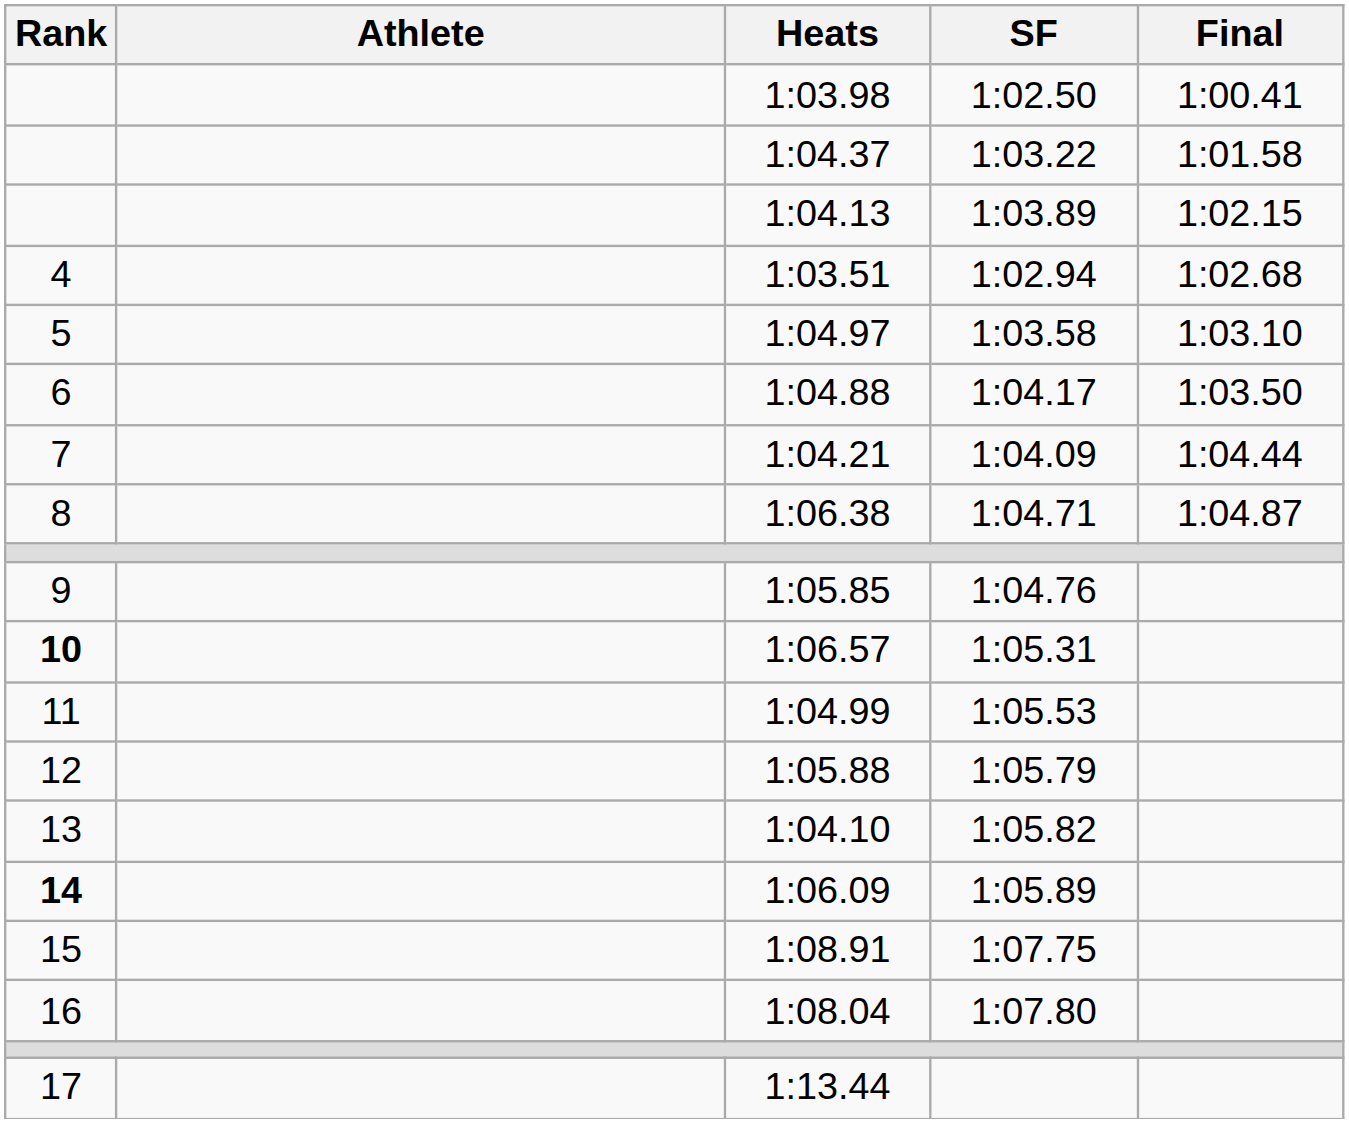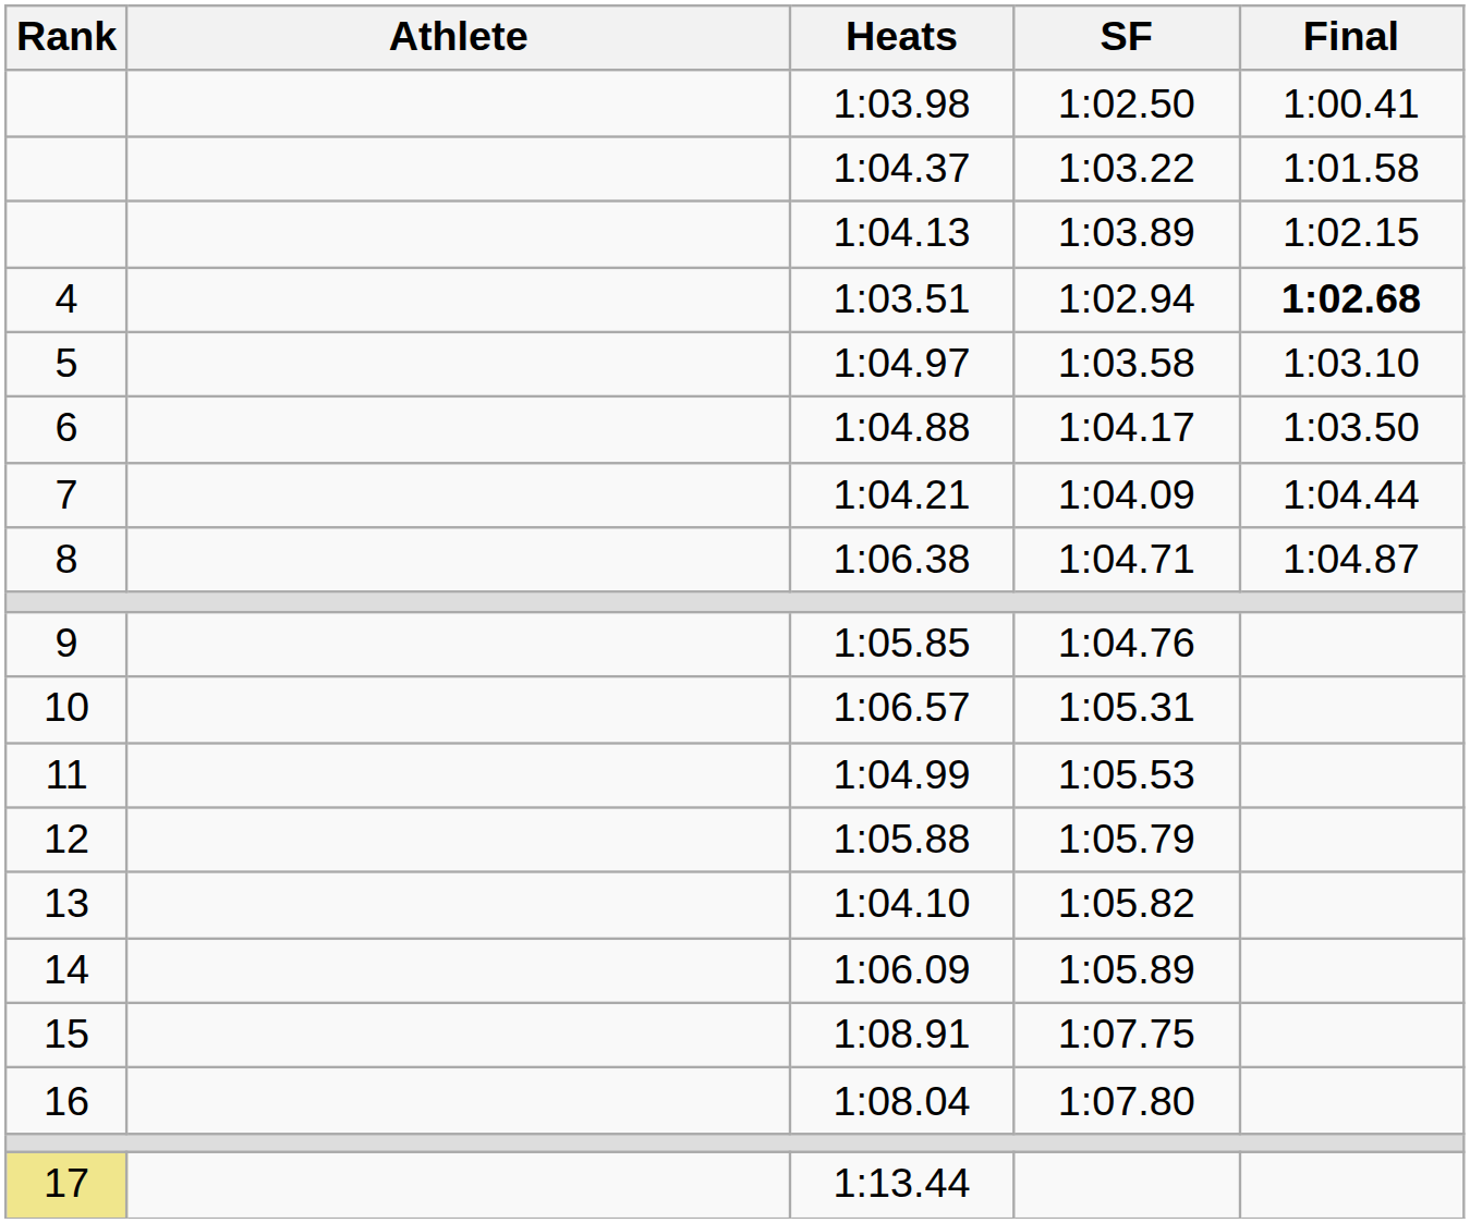 <table class=wikitable style="text-align:center">
 <tr>
 <th width=40>Rank</th>
 <th width=250>Athlete</th>
 <th width=80>Heats</th>
 <th width=80>SF</th>
 <th width=80>Final</th>
 </tr>
 <tr>
 <td></td>
 <td align=left></td>
 <td>1:03.98</td>
 <td>1:02.50</td>
 <td>1:00.41</td>
 </tr>
 <tr>
 <td></td>
 <td align=left></td>
 <td>1:04.37</td>
 <td>1:03.22</td>
 <td>1:01.58</td>
 </tr>
 <tr>
 <td></td>
 <td align=left></td>
 <td>1:04.13</td>
 <td>1:03.89</td>
 <td>1:02.15</td>
 </tr>
 <tr>
 <td>4</td>
 <td align=left></td>
 <td>1:03.51</td>
 <td>1:02.94</td>
-<td>1:02.68</td>
+<td><strong>1:02.68</strong></td>
 </tr>
 <tr>
 <td>5</td>
 <td align=left></td>
 <td>1:04.97</td>
 <td>1:03.58</td>
 <td>1:03.10</td>
 </tr>
 <tr>
 <td>6</td>
 <td align=left></td>
 <td>1:04.88</td>
 <td>1:04.17</td>
 <td>1:03.50</td>
 </tr>
 <tr>
 <td>7</td>
 <td align=left></td>
 <td>1:04.21</td>
 <td>1:04.09</td>
 <td>1:04.44</td>
 </tr>
 <tr>
 <td>8</td>
 <td align=left></td>
 <td>1:06.38</td>
 <td>1:04.71</td>
 <td>1:04.87</td>
 </tr>
 <tr bgcolor=#DDDDDD>
 <td colspan=5></td>
 </tr>
 <tr>
 <td>9</td>
 <td align=left></td>
 <td>1:05.85</td>
 <td>1:04.76</td>
 <td></td>
 </tr>
 <tr>
-<td><strong>10</strong></td>
+<td>10</td>
 <td align=left></td>
 <td>1:06.57</td>
 <td>1:05.31</td>
 <td></td>
 </tr>
 <tr>
 <td>11</td>
 <td align=left></td>
 <td>1:04.99</td>
 <td>1:05.53</td>
 <td></td>
 </tr>
 <tr>
 <td>12</td>
 <td align=left></td>
 <td>1:05.88</td>
 <td>1:05.79</td>
 <td></td>
 </tr>
 <tr>
 <td>13</td>
 <td align=left></td>
 <td>1:04.10</td>
 <td>1:05.82</td>
 <td></td>
 </tr>
 <tr>
-<td><strong>14</strong></td>
+<td>14</td>
 <td align=left></td>
 <td>1:06.09</td>
 <td>1:05.89</td>
 <td></td>
 </tr>
 <tr>
 <td>15</td>
 <td align=left></td>
 <td>1:08.91</td>
 <td>1:07.75</td>
 <td></td>
 </tr>
 <tr>
 <td>16</td>
 <td align=left></td>
 <td>1:08.04</td>
 <td>1:07.80</td>
 <td></td>
 </tr>
 <tr bgcolor=#DDDDDD>
 <td colspan=5></td>
 </tr>
 <tr>
-<td>17</td>
+<td style="background: khaki;">17</td>
 <td align=left></td>
 <td>1:13.44</td>
 <td></td>
 <td></td>
 </tr>
 </table>
